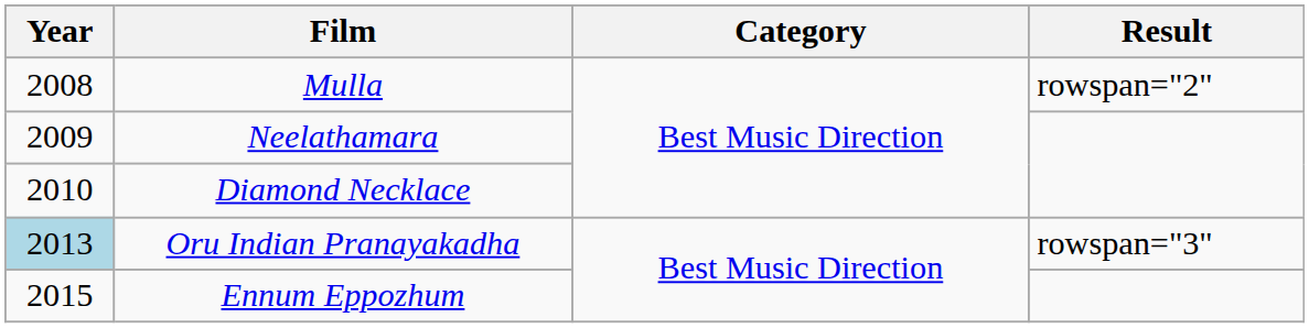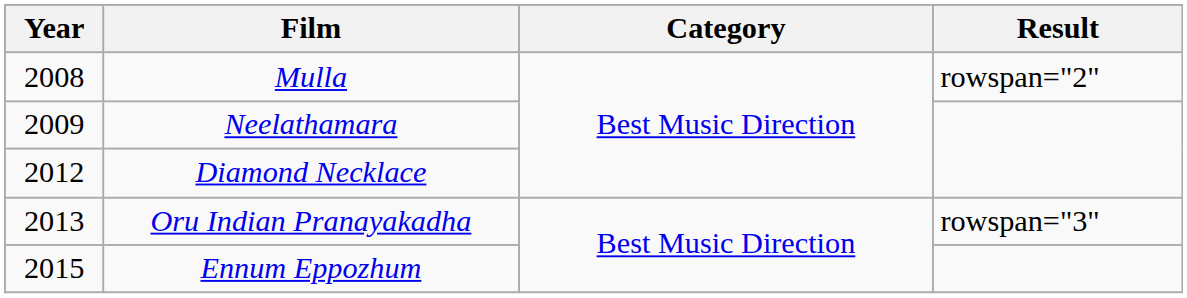 <table class="wikitable" style="width:100%;">
 <tr>
 <th width=5%>Year</th>
 <th style="width:25%;">Film</th>
 <th style="width:25%;">Category</th>
 <th style="width:15%;">Result</th>
 </tr>
 <tr>
 <td style="text-align:center;">2008</td>
 <td style="text-align:center;"><em><a href='#'>Mulla</a></em></td>
 <td style="text-align:center;" rowspan="3"><a href='#'>Best Music Direction</a></td>
 <td>rowspan="2" </td>
 </tr>
 <tr>
 <td style="text-align:center;">2009</td>
 <td style="text-align:center;"><em><a href='#'>Neelathamara</a></em></td>
 </tr>
 <tr>
-<td style="text-align:center;">2010</td>
+<td style="text-align:center;">2012</td>
 <td style="text-align:center;"><em><a href='#'>Diamond Necklace</a></em></td>
 </tr>
 <tr>
-<td style="background: lightblue; text-align:center;">2013</td>
+<td style="text-align:center;">2013</td>
 <td style="text-align:center;"><em><a href='#'>Oru Indian Pranayakadha</a></em></td>
 <td style="text-align:center;" rowspan="2"><a href='#'>Best Music Direction</a></td>
 <td>rowspan="3" </td>
 </tr>
 <tr style="text-align:center;">
 <td>2015</td>
 <td><em><a href='#'>Ennum Eppozhum</a></em></td>
 </tr>
 </table>
